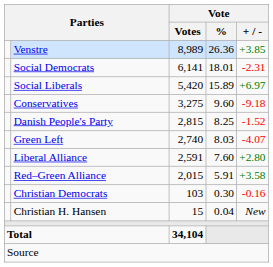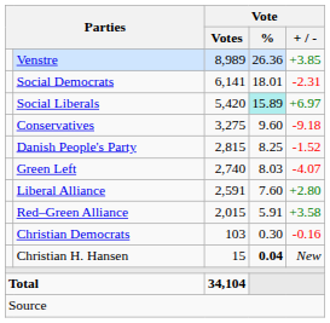 <table class="wikitable" style="text-align:right;">
 <tr>
 <th style="text-align:centre;" rowspan="2" colspan="2" width="225">Parties</th>
 <th colspan="3">Vote</th>
 </tr>
 <tr>
 <th width="15">Votes</th>
 <th width="15">%</th>
 <th width="15">+ / -</th>
 </tr>
 <tr>
 <td width="2" style="color:inherit;background:"></td>
 <td bgcolor=#cfe5fe  align="left"><a href='#'>Venstre</a></td>
 <td bgcolor=#cfe5fe>8,989</td>
 <td bgcolor=#cfe5fe>26.36</td>
 <td style=color:green;>+3.85</td>
 </tr>
 <tr>
 <td width="2" style="color:inherit;background:"></td>
 <td align="left"><a href='#'>Social Democrats</a></td>
 <td>6,141</td>
 <td>18.01</td>
 <td style=color:red;>-2.31</td>
 </tr>
 <tr>
 <td width="2" style="color:inherit;background:"></td>
 <td align="left"><a href='#'>Social Liberals</a></td>
 <td>5,420</td>
-<td>15.89</td>
+<td style="background: paleturquoise;">15.89</td>
 <td style=color:green;>+6.97</td>
 </tr>
 <tr>
 <td width="2" style="color:inherit;background:"></td>
 <td align="left"><a href='#'>Conservatives</a></td>
 <td>3,275</td>
 <td>9.60</td>
 <td style=color:red;>-9.18</td>
 </tr>
 <tr>
 <td width="2" style="color:inherit;background:"></td>
 <td align="left"><a href='#'>Danish People's Party</a></td>
 <td>2,815</td>
 <td>8.25</td>
 <td style=color:red;>-1.52</td>
 </tr>
 <tr>
 <td width="2" style="color:inherit;background:"></td>
 <td align="left"><a href='#'>Green Left</a></td>
 <td>2,740</td>
 <td>8.03</td>
 <td style=color:red;>-4.07</td>
 </tr>
 <tr>
 <td width="2" style="color:inherit;background:"></td>
 <td align="left"><a href='#'>Liberal Alliance</a></td>
 <td>2,591</td>
 <td>7.60</td>
 <td style=color:green;>+2.80</td>
 </tr>
 <tr>
 <td width="2" style="color:inherit;background:"></td>
 <td align="left"><a href='#'>Red–Green Alliance</a></td>
 <td>2,015</td>
 <td>5.91</td>
 <td style=color:green;>+3.58</td>
 </tr>
 <tr>
 <td width="2" style="color:inherit;background:"></td>
 <td align="left"><a href='#'>Christian Democrats</a></td>
 <td>103</td>
 <td>0.30</td>
 <td style=color:red;>-0.16</td>
 </tr>
 <tr>
 <td width="2" style="color:inherit;background:"></td>
 <td align="left">Christian H. Hansen</td>
 <td>15</td>
-<td>0.04</td>
+<td><strong>0.04</strong></td>
 <td><em>New</em></td>
 </tr>
 <tr>
 <td colspan="7" bgcolor="#E9E9E9"></td>
 </tr>
 <tr>
 <td align="left" colspan="2"><strong>Total</strong></td>
 <td><strong>34,104</strong></td>
 <td bgcolor="#E9E9E9" colspan="2"></td>
 </tr>
 <tr>
 <td align="left" colspan="6">Source</td>
 </tr>
 </table>
